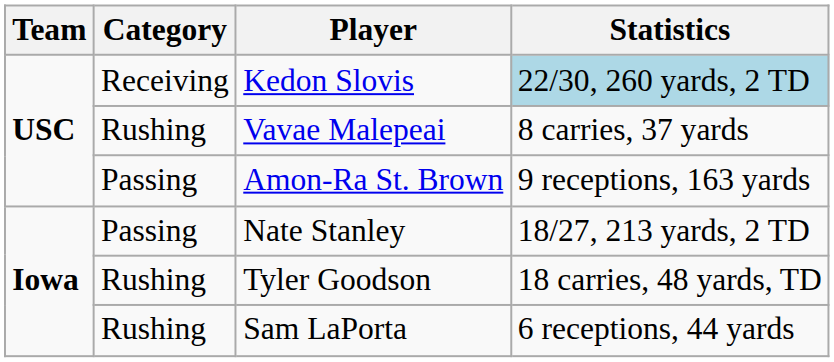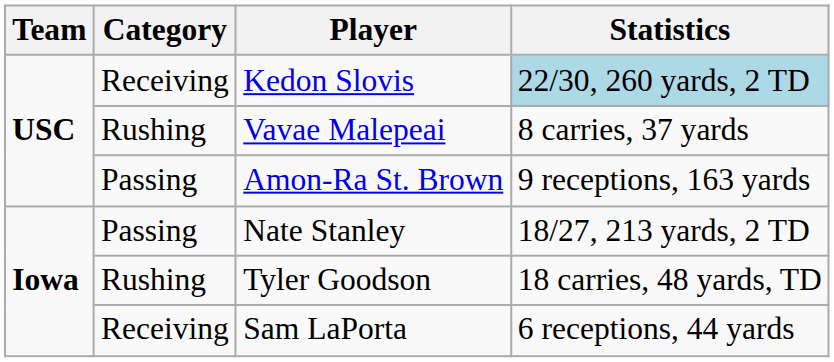 <table class="wikitable" style="float: left;">
 <tr>
 <th>Team</th>
 <th>Category</th>
 <th>Player</th>
 <th>Statistics</th>
 </tr>
 <tr>
 <td rowspan=3><strong>USC</strong></td>
 <td>Receiving</td>
 <td><a href='#'>Kedon Slovis</a></td>
 <td style="background: lightblue;">22/30, 260 yards, 2 TD</td>
 </tr>
 <tr>
 <td>Rushing</td>
 <td><a href='#'>Vavae Malepeai</a></td>
 <td>8 carries, 37 yards</td>
 </tr>
 <tr>
 <td>Passing</td>
 <td><a href='#'>Amon-Ra St. Brown</a></td>
 <td>9 receptions, 163 yards</td>
 </tr>
 <tr>
 <td rowspan=3><strong>Iowa</strong></td>
 <td>Passing</td>
 <td>Nate Stanley</td>
 <td>18/27, 213 yards, 2 TD</td>
 </tr>
 <tr>
 <td>Rushing</td>
 <td>Tyler Goodson</td>
 <td>18 carries, 48 yards, TD</td>
 </tr>
 <tr>
-<td>Rushing</td>
+<td>Receiving</td>
 <td>Sam LaPorta</td>
 <td>6 receptions, 44 yards</td>
 </tr>
 </table>
